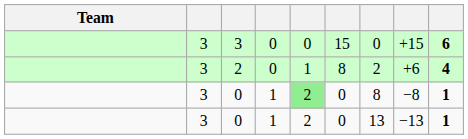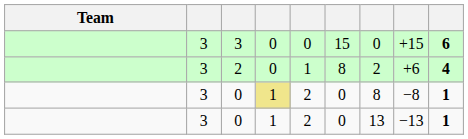 <table class="wikitable" style="text-align: center; font-size:90% ">
 <tr>
 <th width=160>Team</th>
 <th width=25></th>
 <th width=25></th>
 <th width=25></th>
 <th width=25></th>
 <th width=25></th>
 <th width=25></th>
 <th width=25></th>
 <th width=25></th>
 </tr>
 <tr bgcolor="ccffcc">
 <td align=left></td>
 <td>3</td>
 <td>3</td>
 <td>0</td>
 <td>0</td>
 <td>15</td>
 <td>0</td>
 <td>+15</td>
 <td><strong>6</strong></td>
 </tr>
 <tr bgcolor="ccffcc">
 <td align=left></td>
 <td>3</td>
 <td>2</td>
 <td>0</td>
 <td>1</td>
 <td>8</td>
 <td>2</td>
 <td>+6</td>
 <td><strong>4</strong></td>
 </tr>
 <tr>
 <td align=left></td>
 <td>3</td>
 <td>0</td>
-<td>1</td>
-<td style="background: lightgreen;">2</td>
+<td style="background: khaki;">1</td>
+<td>2</td>
 <td>0</td>
 <td>8</td>
 <td>−8</td>
 <td><strong>1</strong></td>
 </tr>
 <tr>
 <td align=left></td>
 <td>3</td>
 <td>0</td>
 <td>1</td>
 <td>2</td>
 <td>0</td>
 <td>13</td>
 <td>−13</td>
 <td><strong>1</strong></td>
 </tr>
 </table>
